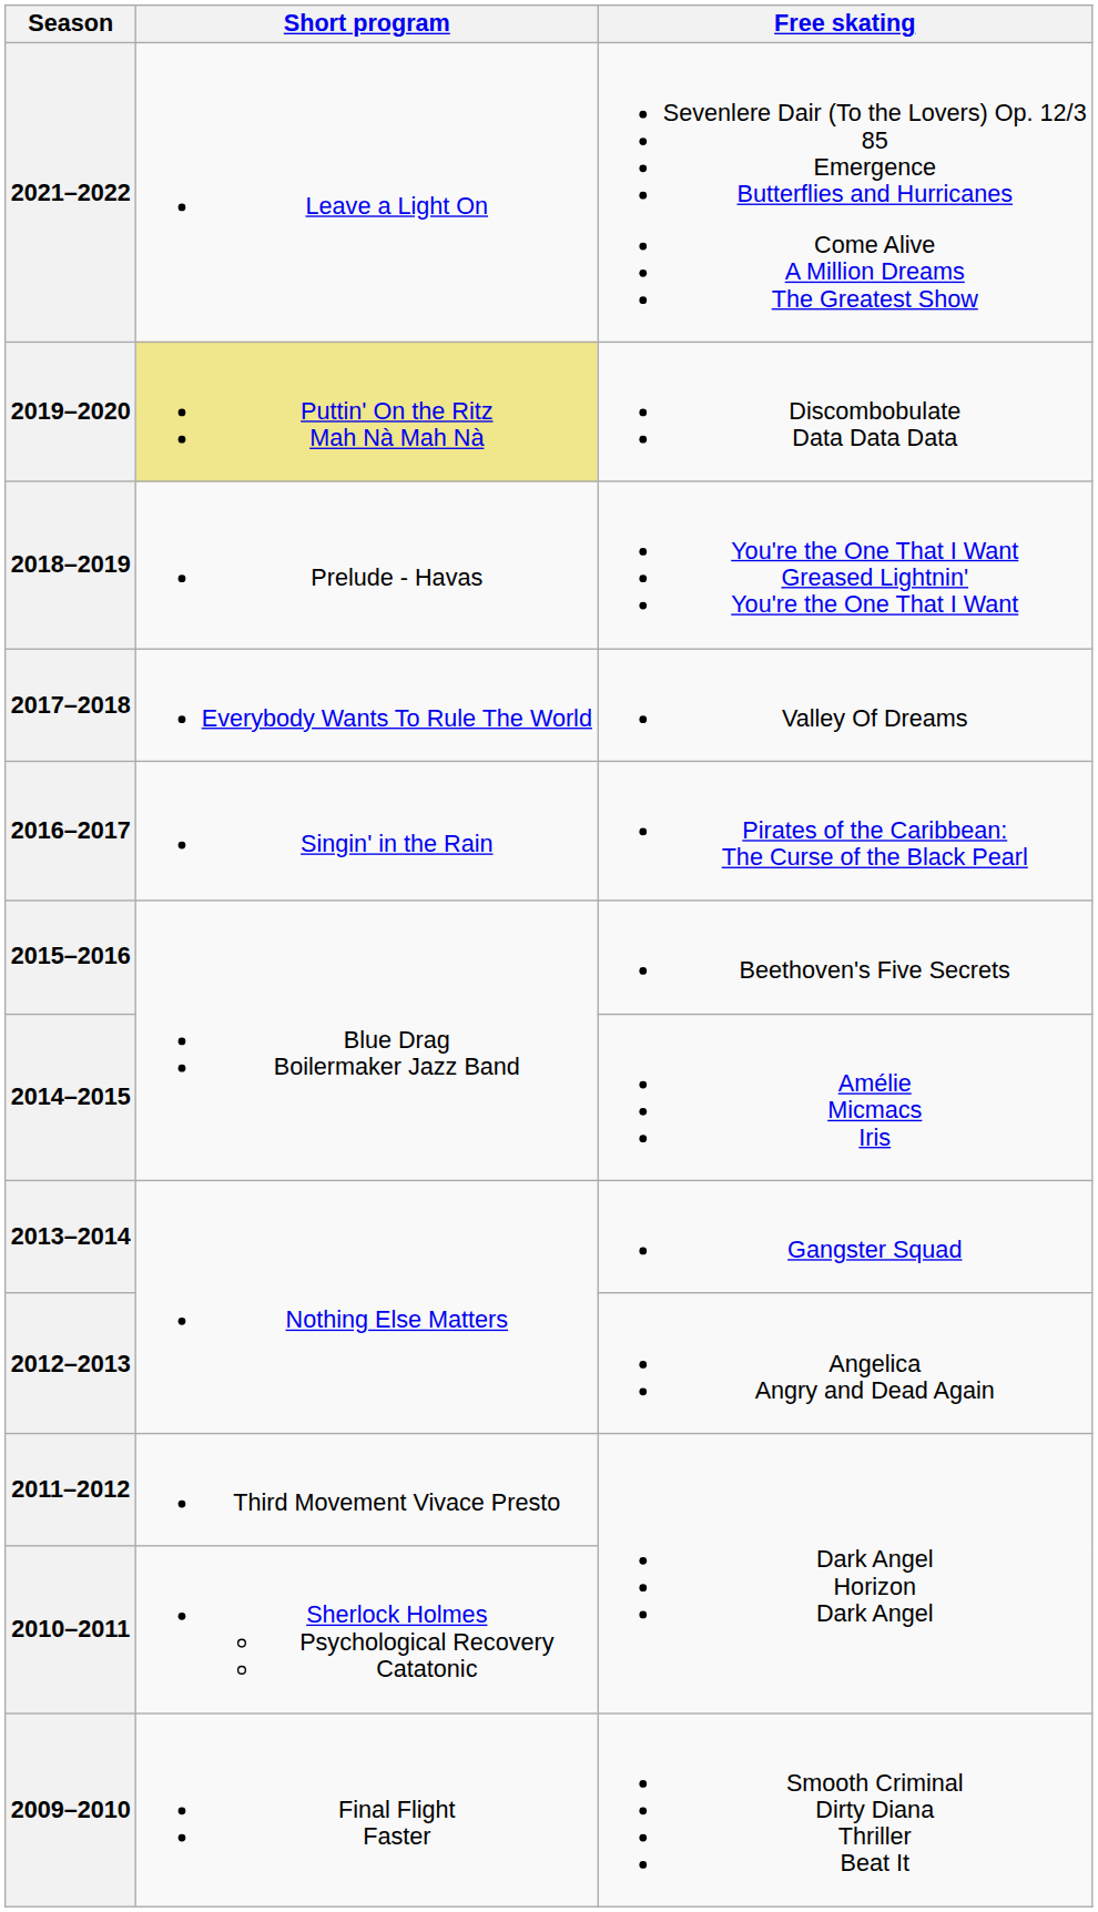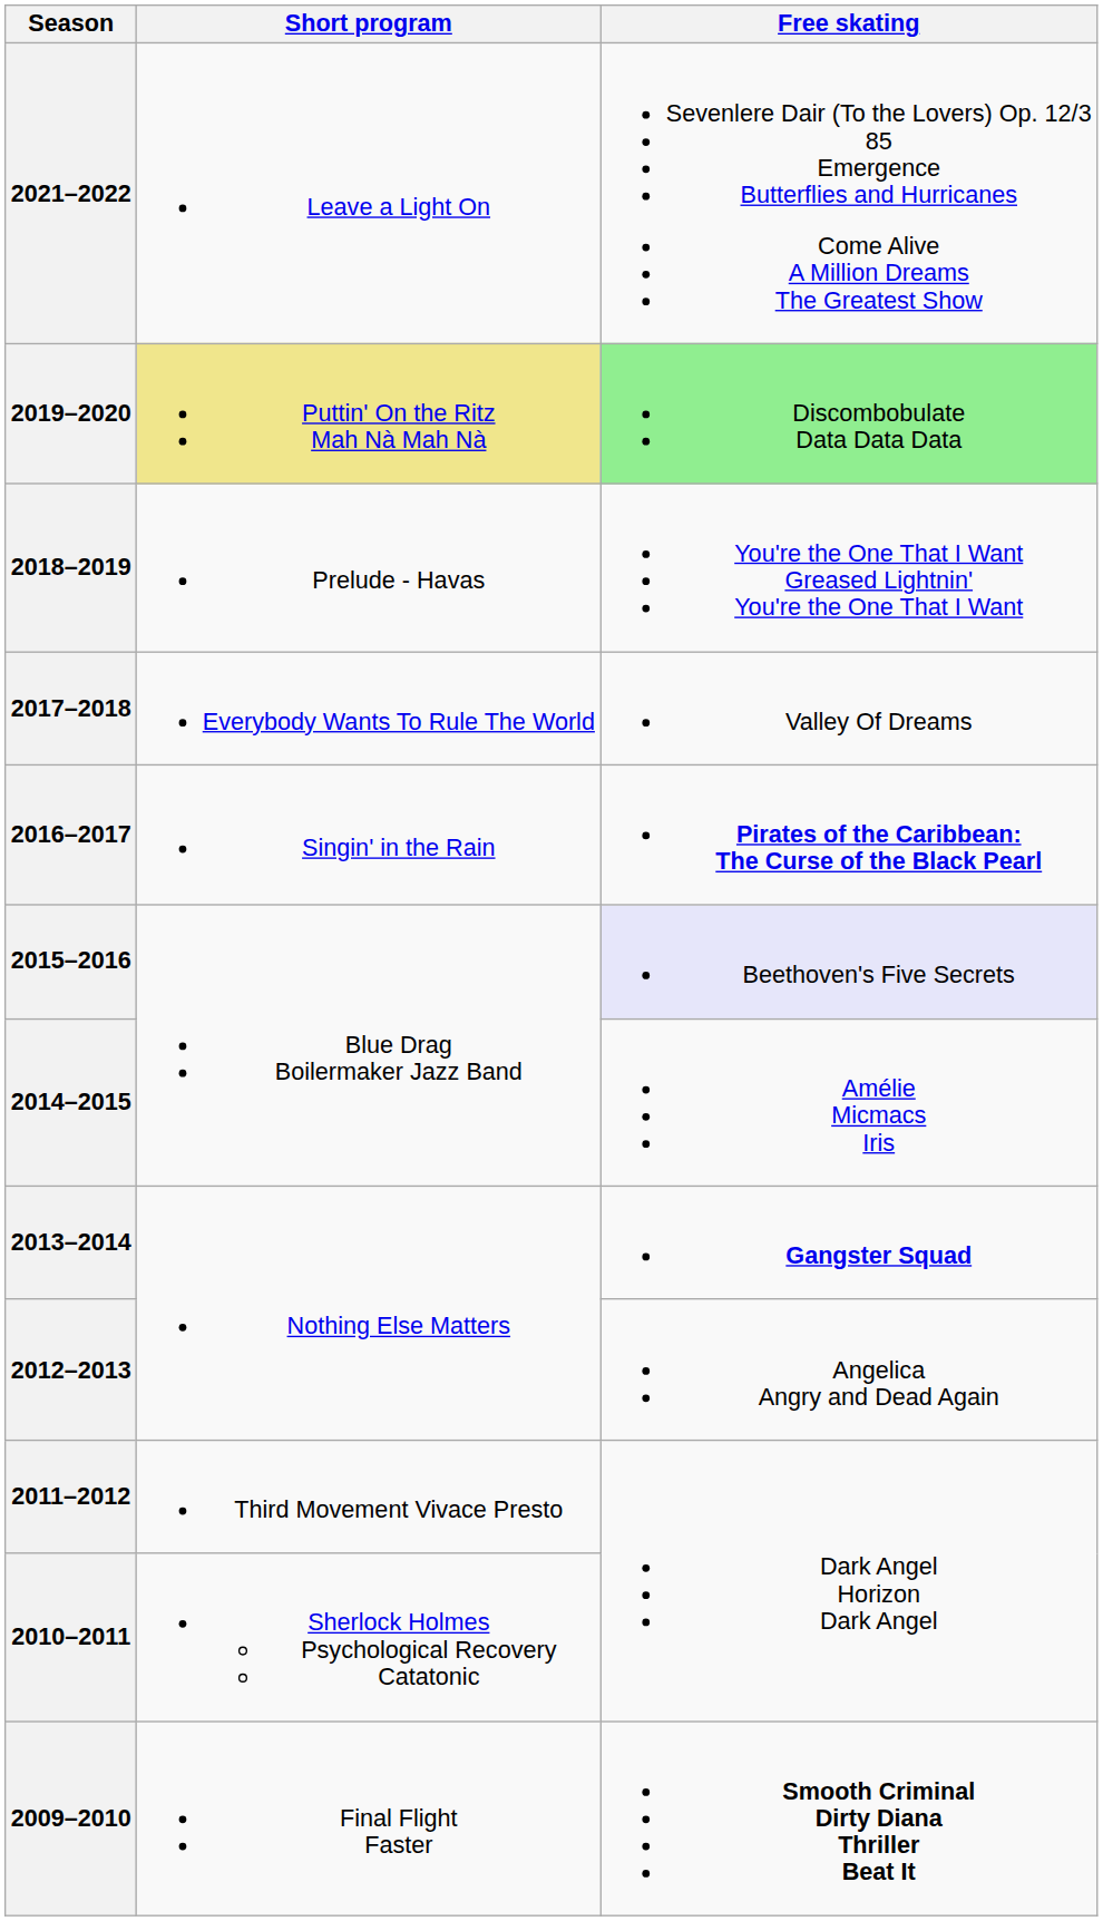 <table class="wikitable" style="text-align:center">
 <tr>
 <th>Season</th>
 <th><a href='#'>Short program</a></th>
 <th><a href='#'>Free skating</a></th>
 </tr>
 <tr>
 <th>2021–2022 <br></th>
 <td><br><ul><li><a href='#'>Leave a Light On</a> <br> </li></ul></td>
 <td><br><ul><li>Sevenlere Dair (To the Lovers) Op. 12/3 <br> </li><li>85 <br> </li><li>Emergence <br> </li><li><a href='#'>Butterflies and Hurricanes</a> <br> </li></ul><ul><li>Come Alive</li><li><a href='#'>A Million Dreams</a></li><li><a href='#'>The Greatest Show</a> <br> </li></ul></td>
 </tr>
 <tr>
 <th>2019–2020 <br></th>
 <td style="background: khaki;"><br><ul><li><a href='#'>Puttin' On the Ritz</a> <br> </li><li><a href='#'>Mah Nà Mah Nà</a> <br> </li></ul></td>
-<td><br><ul><li>Discombobulate</li><li>Data Data Data <br> </li></ul></td>
+<td style="background: lightgreen;"><br><ul><li>Discombobulate</li><li>Data Data Data <br> </li></ul></td>
 </tr>
 <tr>
 <th>2018–2019 <br></th>
 <td><br><ul><li>Prelude - Havas <br> </li></ul></td>
 <td><br><ul><li><a href='#'>You're the One That I Want</a> <br> </li><li><a href='#'>Greased Lightnin'</a> <br> </li><li><a href='#'>You're the One That I Want</a> <br> </li></ul></td>
 </tr>
 <tr>
 <th>2017–2018 <br></th>
 <td><br><ul><li><a href='#'>Everybody Wants To Rule The World</a> <br></li></ul></td>
 <td><br><ul><li>Valley Of Dreams <br></li></ul></td>
 </tr>
 <tr>
 <th>2016–2017 <br></th>
 <td><br><ul><li><a href='#'>Singin' in the Rain</a> <br></li></ul></td>
-<td><br><ul><li><a href='#'>Pirates of the Caribbean:<br>The Curse of the Black Pearl</a> <br></li></ul></td>
+<td><strong><br><ul><li><a href='#'>Pirates of the Caribbean:<br>The Curse of the Black Pearl</a> <br></li></ul></strong></td>
 </tr>
 <tr>
 <th>2015–2016 <br></th>
 <td rowspan="2"><br><ul><li>Blue Drag <br></li><li>Boilermaker Jazz Band <br></li></ul></td>
-<td><br><ul><li>Beethoven's Five Secrets <br></li></ul></td>
+<td style="background: lavender;"><br><ul><li>Beethoven's Five Secrets <br></li></ul></td>
 </tr>
 <tr>
 <th>2014–2015 <br></th>
 <td><br><ul><li><a href='#'>Amélie</a> <br></li><li><a href='#'>Micmacs</a> <br></li><li><a href='#'>Iris</a> <br></li></ul></td>
 </tr>
 <tr>
 <th>2013–2014 <br></th>
 <td rowspan="2"><br><ul><li><a href='#'>Nothing Else Matters</a> <br></li></ul></td>
-<td><br><ul><li><a href='#'>Gangster Squad</a> <br></li></ul></td>
+<td><strong><br><ul><li><a href='#'>Gangster Squad</a> <br></li></ul></strong></td>
 </tr>
 <tr>
 <th>2012–2013 <br></th>
 <td><br><ul><li>Angelica <br></li><li>Angry and Dead Again <br></li></ul></td>
 </tr>
 <tr>
 <th>2011–2012 <br></th>
 <td><br><ul><li>Third Movement Vivace Presto <br></li></ul></td>
 <td rowspan="2"><br><ul><li>Dark Angel <br></li><li>Horizon <br></li><li>Dark Angel <br></li></ul></td>
 </tr>
 <tr>
 <th>2010–2011 <br></th>
 <td><br><ul><li><a href='#'>Sherlock Holmes</a> <br><ul><li>Psychological Recovery</li><li>Catatonic</li></ul></li></ul></td>
 </tr>
 <tr>
 <th>2009–2010 <br></th>
 <td><br><ul><li>Final Flight <br></li><li>Faster <br></li></ul></td>
-<td><br><ul><li>Smooth Criminal <br></li><li>Dirty Diana <br></li><li>Thriller <br></li><li>Beat It <br></li></ul></td>
+<td><strong><br><ul><li>Smooth Criminal <br></li><li>Dirty Diana <br></li><li>Thriller <br></li><li>Beat It <br></li></ul></strong></td>
 </tr>
 </table>
